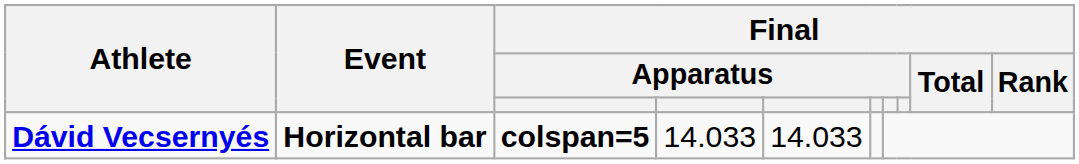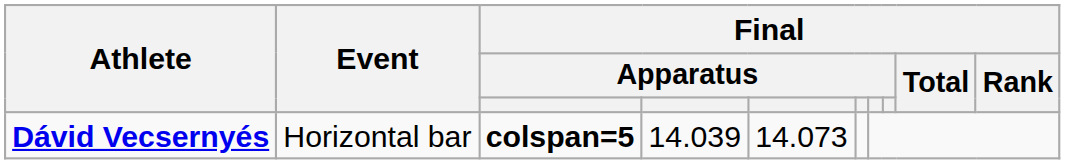 <table class="wikitable" style="font-size:90%">
 <tr>
 <th rowspan=3>Athlete</th>
 <th rowspan=3>Event</th>
 <th colspan =8>Final</th>
 </tr>
 <tr style="font-size:95%">
 <th colspan=6>Apparatus</th>
 <th rowspan=2>Total</th>
 <th rowspan=2>Rank</th>
 </tr>
 <tr style="font-size:95%">
 <th></th>
 <th></th>
 <th></th>
 <th></th>
 <th></th>
 <th></th>
 </tr>
 <tr align=center>
 <td align=left><strong><a href='#'>Dávid Vecsernyés</a></strong></td>
-<td align=left><strong>Horizontal bar</strong></td>
+<td align=left>Horizontal bar</td>
 <td><strong>colspan=5 </strong></td>
-<td>14.033</td>
-<td>14.033</td>
+<td>14.039</td>
+<td>14.073</td>
 <td></td>
 </tr>
 </table>
